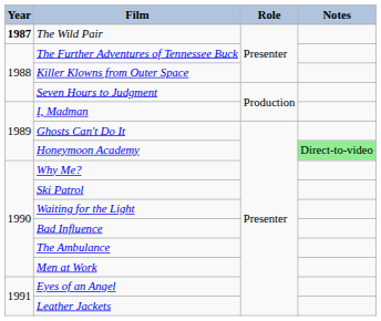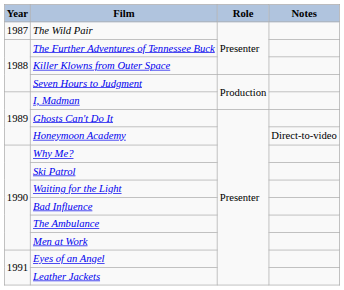 <table class="wikitable" style="font-size:95%;">
 <tr>
 <th style="background:#B0C4DE;">Year</th>
 <th style="background:#B0C4DE;">Film</th>
 <th style="background:#B0C4DE;">Role</th>
 <th style="background:#B0C4DE;">Notes</th>
 </tr>
 <tr>
-<td><strong>1987</strong></td>
+<td>1987</td>
 <td><em>The Wild Pair</em></td>
 <td rowspan=3>Presenter</td>
 <td></td>
 </tr>
 <tr>
 <td rowspan=3>1988</td>
 <td><em><a href='#'>The Further Adventures of Tennessee Buck</a></em></td>
 <td></td>
 </tr>
 <tr>
 <td><em><a href='#'>Killer Klowns from Outer Space</a></em></td>
 <td></td>
 </tr>
 <tr>
 <td><em><a href='#'>Seven Hours to Judgment</a></em></td>
 <td rowspan=2>Production</td>
 <td></td>
 </tr>
 <tr>
 <td rowspan=3>1989</td>
 <td><em><a href='#'>I, Madman</a></em></td>
 <td></td>
 </tr>
 <tr>
 <td><em><a href='#'>Ghosts Can't Do It</a></em></td>
 <td rowspan=10>Presenter</td>
 <td></td>
 </tr>
 <tr>
 <td><em><a href='#'>Honeymoon Academy</a></em></td>
-<td style="background: lightgreen;">Direct-to-video</td>
+<td>Direct-to-video</td>
 </tr>
 <tr>
 <td rowspan=6>1990</td>
 <td><em><a href='#'>Why Me?</a></em></td>
 <td></td>
 </tr>
 <tr>
 <td><em><a href='#'>Ski Patrol</a></em></td>
 <td></td>
 </tr>
 <tr>
 <td><em><a href='#'>Waiting for the Light</a></em></td>
 <td></td>
 </tr>
 <tr>
 <td><em><a href='#'>Bad Influence</a></em></td>
 <td></td>
 </tr>
 <tr>
 <td><em><a href='#'>The Ambulance</a></em></td>
 <td></td>
 </tr>
 <tr>
 <td><em><a href='#'>Men at Work</a></em></td>
 <td></td>
 </tr>
 <tr>
 <td rowspan=2>1991</td>
 <td><em><a href='#'>Eyes of an Angel</a></em></td>
 <td></td>
 </tr>
 <tr>
 <td><em><a href='#'>Leather Jackets</a></em></td>
 <td></td>
 </tr>
 </table>
